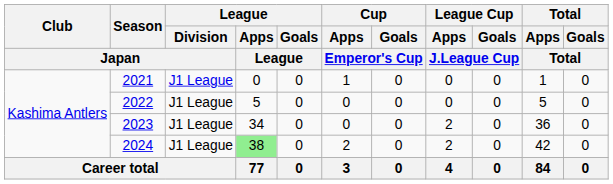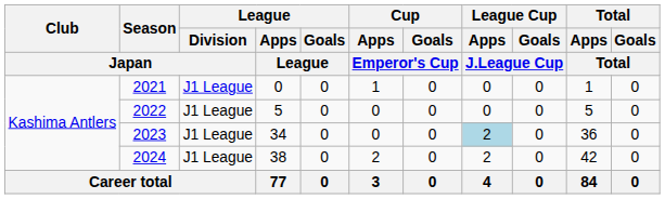 <table class="wikitable" style="text-align:center;">
 <tr>
 <th rowspan=2>Club</th>
 <th rowspan=2>Season</th>
 <th colspan=3>League</th>
 <th colspan=2>Cup</th>
 <th colspan=2>League Cup</th>
 <th colspan=2>Total</th>
 </tr>
 <tr>
 <th>Division</th>
 <th>Apps</th>
 <th>Goals</th>
 <th>Apps</th>
 <th>Goals</th>
 <th>Apps</th>
 <th>Goals</th>
 <th>Apps</th>
 <th>Goals</th>
 </tr>
 <tr>
 <th colspan=3>Japan</th>
 <th colspan=2>League</th>
 <th colspan=2><a href='#'>Emperor's Cup</a></th>
 <th colspan=2><a href='#'>J.League Cup</a></th>
 <th colspan=2>Total</th>
 </tr>
 <tr>
 <td rowspan="4"><a href='#'>Kashima Antlers</a></td>
 <td><a href='#'>2021</a></td>
 <td><a href='#'>J1 League</a></td>
 <td>0</td>
 <td>0</td>
 <td>1</td>
 <td>0</td>
 <td>0</td>
 <td>0</td>
 <td>1</td>
 <td>0</td>
 </tr>
 <tr>
 <td><a href='#'>2022</a></td>
 <td>J1 League</td>
 <td>5</td>
 <td>0</td>
 <td>0</td>
 <td>0</td>
 <td>0</td>
 <td>0</td>
 <td>5</td>
 <td>0</td>
 </tr>
 <tr>
 <td><a href='#'>2023</a></td>
 <td>J1 League</td>
 <td>34</td>
 <td>0</td>
 <td>0</td>
 <td>0</td>
-<td>2</td>
+<td style="background: lightblue;">2</td>
 <td>0</td>
 <td>36</td>
 <td>0</td>
 </tr>
 <tr>
 <td><a href='#'>2024</a></td>
 <td>J1 League</td>
-<td style="background: lightgreen;">38</td>
+<td>38</td>
 <td>0</td>
 <td>2</td>
 <td>0</td>
 <td>2</td>
 <td>0</td>
 <td>42</td>
 <td>0</td>
 </tr>
 <tr>
 <th colspan=3>Career total</th>
 <th>77</th>
 <th>0</th>
 <th>3</th>
 <th>0</th>
 <th>4</th>
 <th>0</th>
 <th>84</th>
 <th>0</th>
 </tr>
 </table>
